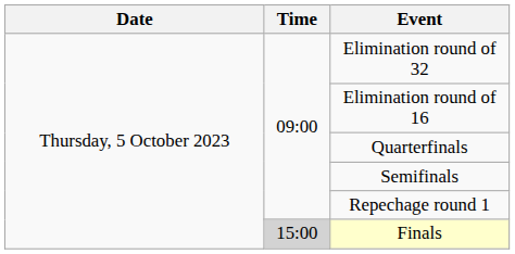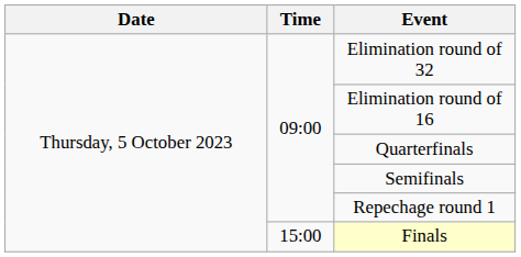 <table class = "wikitable" style="text-align:center;">
 <tr>
 <th width=220>Date</th>
 <th width=50>Time</th>
 <th width=150>Event</th>
 </tr>
 <tr>
 <td rowspan=6>Thursday, 5 October 2023</td>
 <td rowspan=5>09:00</td>
 <td>Elimination round of 32</td>
 </tr>
 <tr>
 <td>Elimination round of 16</td>
 </tr>
 <tr>
 <td>Quarterfinals</td>
 </tr>
 <tr>
 <td>Semifinals</td>
 </tr>
 <tr>
 <td>Repechage round 1</td>
 </tr>
 <tr>
-<td style="background: lightgrey;">15:00</td>
+<td>15:00</td>
 <td bgcolor=ffffcc>Finals</td>
 </tr>
 </table>
